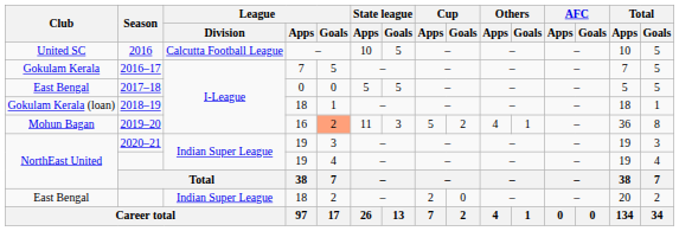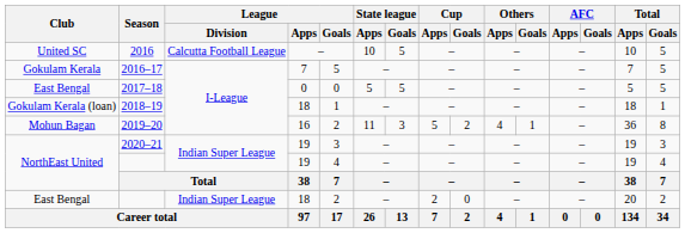 <table class="wikitable" style="text-align:center">
 <tr>
 <th rowspan="2">Club</th>
 <th rowspan="2">Season</th>
 <th colspan="3">League</th>
 <th colspan="2">State league</th>
 <th colspan="2">Cup</th>
 <th colspan="2">Others</th>
 <th colspan="2"><a href='#'>AFC</a></th>
 <th colspan="2">Total</th>
 </tr>
 <tr>
 <th>Division</th>
 <th>Apps</th>
 <th>Goals</th>
 <th>Apps</th>
 <th>Goals</th>
 <th>Apps</th>
 <th>Goals</th>
 <th>Apps</th>
 <th>Goals</th>
 <th>Apps</th>
 <th>Goals</th>
 <th>Apps</th>
 <th>Goals</th>
 </tr>
 <tr>
 <td rowspan="1"><a href='#'>United SC</a></td>
 <td><a href='#'>2016</a></td>
 <td rowspan="1"><a href='#'>Calcutta Football League</a></td>
 <td colspan="2">–</td>
 <td>10</td>
 <td>5</td>
 <td colspan="2">–</td>
 <td colspan="2">–</td>
 <td colspan="2">–</td>
 <td>10</td>
 <td>5</td>
 </tr>
 <tr>
 <td rowspan="1"><a href='#'>Gokulam Kerala</a></td>
 <td><a href='#'>2016–17</a></td>
 <td rowspan="4"><a href='#'>I-League</a></td>
 <td>7</td>
 <td>5</td>
 <td colspan="2">–</td>
 <td colspan="2">–</td>
 <td colspan="2">–</td>
 <td colspan="2">–</td>
 <td>7</td>
 <td>5</td>
 </tr>
 <tr>
 <td rowspan="1"><a href='#'>East Bengal</a></td>
 <td><a href='#'>2017–18</a></td>
 <td>0</td>
 <td>0</td>
 <td>5</td>
 <td>5</td>
 <td colspan="2">–</td>
 <td colspan="2">–</td>
 <td colspan="2">–</td>
 <td>5</td>
 <td>5</td>
 </tr>
 <tr>
 <td rowspan="1"><a href='#'>Gokulam Kerala</a> (loan)</td>
 <td><a href='#'>2018–19</a></td>
 <td>18</td>
 <td>1</td>
 <td colspan="2">–</td>
 <td colspan="2">–</td>
 <td colspan="2">–</td>
 <td colspan="2">–</td>
 <td>18</td>
 <td>1</td>
 </tr>
 <tr>
 <td rowspan="1"><a href='#'>Mohun Bagan</a></td>
 <td><a href='#'>2019–20</a></td>
 <td>16</td>
-<td style="background: lightsalmon;">2</td>
+<td>2</td>
 <td>11</td>
 <td>3</td>
 <td>5</td>
 <td>2</td>
 <td>4</td>
 <td>1</td>
 <td colspan="2">–</td>
 <td>36</td>
 <td>8</td>
 </tr>
 <tr>
 <td rowspan="3"><a href='#'>NorthEast United</a></td>
 <td><a href='#'>2020–21</a></td>
 <td rowspan="2"><a href='#'>Indian Super League</a></td>
 <td>19</td>
 <td>3</td>
 <td colspan="2">–</td>
 <td colspan="2">–</td>
 <td colspan="2">–</td>
 <td colspan="2">–</td>
 <td>19</td>
 <td>3</td>
 </tr>
 <tr>
 <td></td>
 <td>19</td>
 <td>4</td>
 <td colspan="2">–</td>
 <td colspan="2">–</td>
 <td colspan="2">–</td>
 <td colspan="2">–</td>
 <td>19</td>
 <td>4</td>
 </tr>
 <tr>
 <th colspan="2">Total</th>
 <th>38</th>
 <th>7</th>
 <th colspan="2">–</th>
 <th colspan="2">–</th>
 <th colspan="2">–</th>
 <th colspan="2">–</th>
 <th>38</th>
 <th>7</th>
 </tr>
 <tr>
 <td>East Bengal</td>
 <td></td>
 <td><a href='#'>Indian Super League</a></td>
 <td>18</td>
 <td>2</td>
 <td colspan="2">–</td>
 <td>2</td>
 <td>0</td>
 <td colspan="2">–</td>
 <td colspan="2">–</td>
 <td>20</td>
 <td>2</td>
 </tr>
 <tr>
 <th colspan="3"><strong>Career total</strong></th>
 <th>97</th>
 <th>17</th>
 <th>26</th>
 <th>13</th>
 <th>7</th>
 <th>2</th>
 <th>4</th>
 <th>1</th>
 <th>0</th>
 <th>0</th>
 <th>134</th>
 <th>34</th>
 </tr>
 </table>
